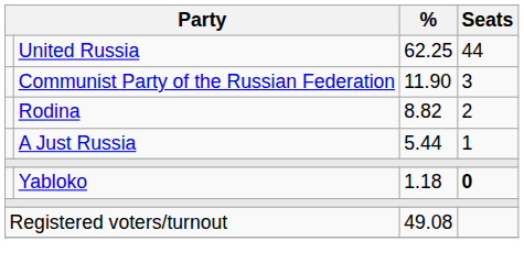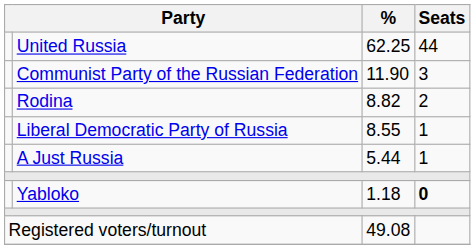 <table class="wikitable">
 <tr>
 <th colspan=2>Party</th>
 <th>%</th>
 <th>Seats</th>
 </tr>
 <tr>
 <td style="background:"></td>
 <td><a href='#'>United Russia</a></td>
 <td>62.25</td>
 <td>44</td>
 </tr>
 <tr>
 <td style="background:"></td>
 <td><a href='#'>Communist Party of the Russian Federation</a></td>
 <td>11.90</td>
 <td>3</td>
 </tr>
 <tr>
 <td style="background:"></td>
 <td><a href='#'>Rodina</a></td>
 <td>8.82</td>
 <td>2</td>
+</tr>
+<tr>
+<td style="background:"></td>
+<td><a href='#'>Liberal Democratic Party of Russia</a></td>
+<td>8.55</td>
+<td>1</td>
 </tr>
 <tr>
 <td style="background:"></td>
 <td><a href='#'>A Just Russia</a></td>
 <td>5.44</td>
 <td>1</td>
 </tr>
 <tr>
 <td colspan=4 style="background:#E9E9E9;"></td>
 </tr>
 <tr>
 <td style="background:"></td>
 <td><a href='#'>Yabloko</a></td>
 <td>1.18</td>
 <td><strong>0</strong></td>
 </tr>
 <tr>
 <td colspan=4 style="background:#E9E9E9;"></td>
 </tr>
 <tr>
 <td align=left colspan=2>Registered voters/turnout</td>
 <td>49.08</td>
 <td></td>
 </tr>
 <tr>
 </tr>
 </table>
